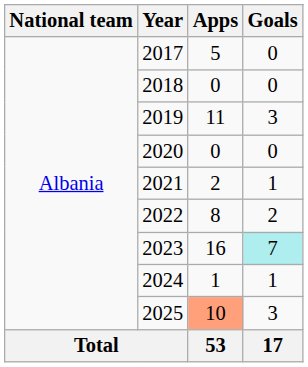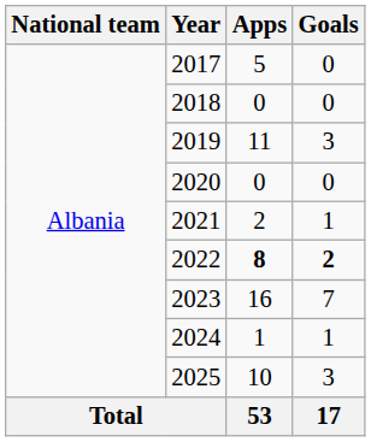 <table class="wikitable" style="text-align: center;">
 <tr>
 <th>National team</th>
 <th>Year</th>
 <th>Apps</th>
 <th>Goals</th>
 </tr>
 <tr>
 <td rowspan="9"><a href='#'>Albania</a></td>
 <td>2017</td>
 <td>5</td>
 <td>0</td>
 </tr>
 <tr>
 <td>2018</td>
 <td>0</td>
 <td>0</td>
 </tr>
 <tr>
 <td>2019</td>
 <td>11</td>
 <td>3</td>
 </tr>
 <tr>
 <td>2020</td>
 <td>0</td>
 <td>0</td>
 </tr>
 <tr>
 <td>2021</td>
 <td>2</td>
 <td>1</td>
 </tr>
 <tr>
 <td>2022</td>
-<td>8</td>
-<td>2</td>
+<td><strong>8</strong></td>
+<td><strong>2</strong></td>
 </tr>
 <tr>
 <td>2023</td>
 <td>16</td>
-<td style="background: paleturquoise;">7</td>
+<td>7</td>
 </tr>
 <tr>
 <td>2024</td>
 <td>1</td>
 <td>1</td>
 </tr>
 <tr>
 <td>2025</td>
-<td style="background: lightsalmon;">10</td>
+<td>10</td>
 <td>3</td>
 </tr>
 <tr>
 <th colspan="2">Total</th>
 <th>53</th>
 <th>17</th>
 </tr>
 </table>
